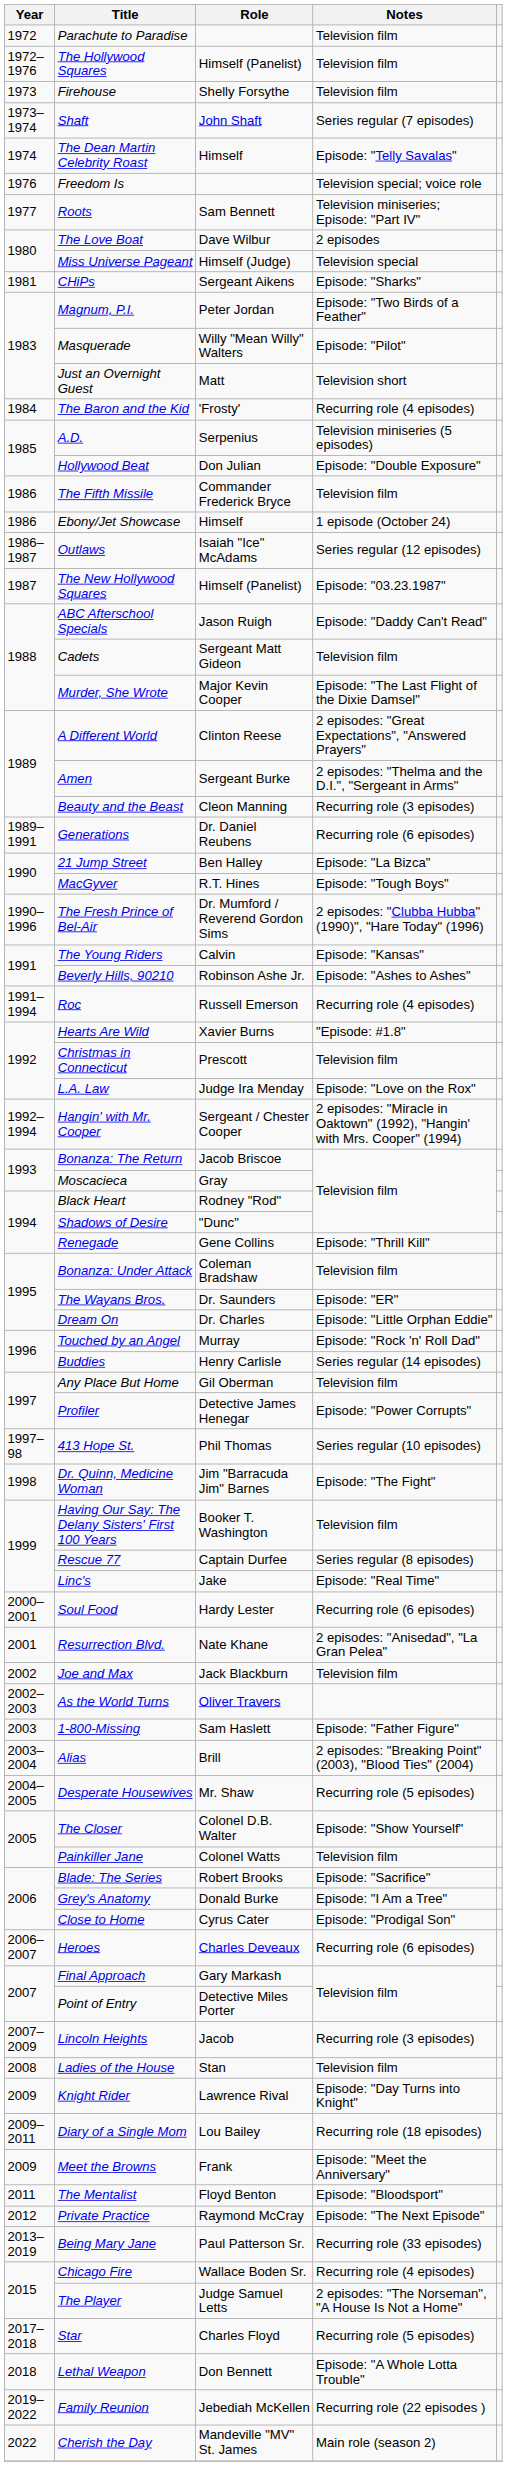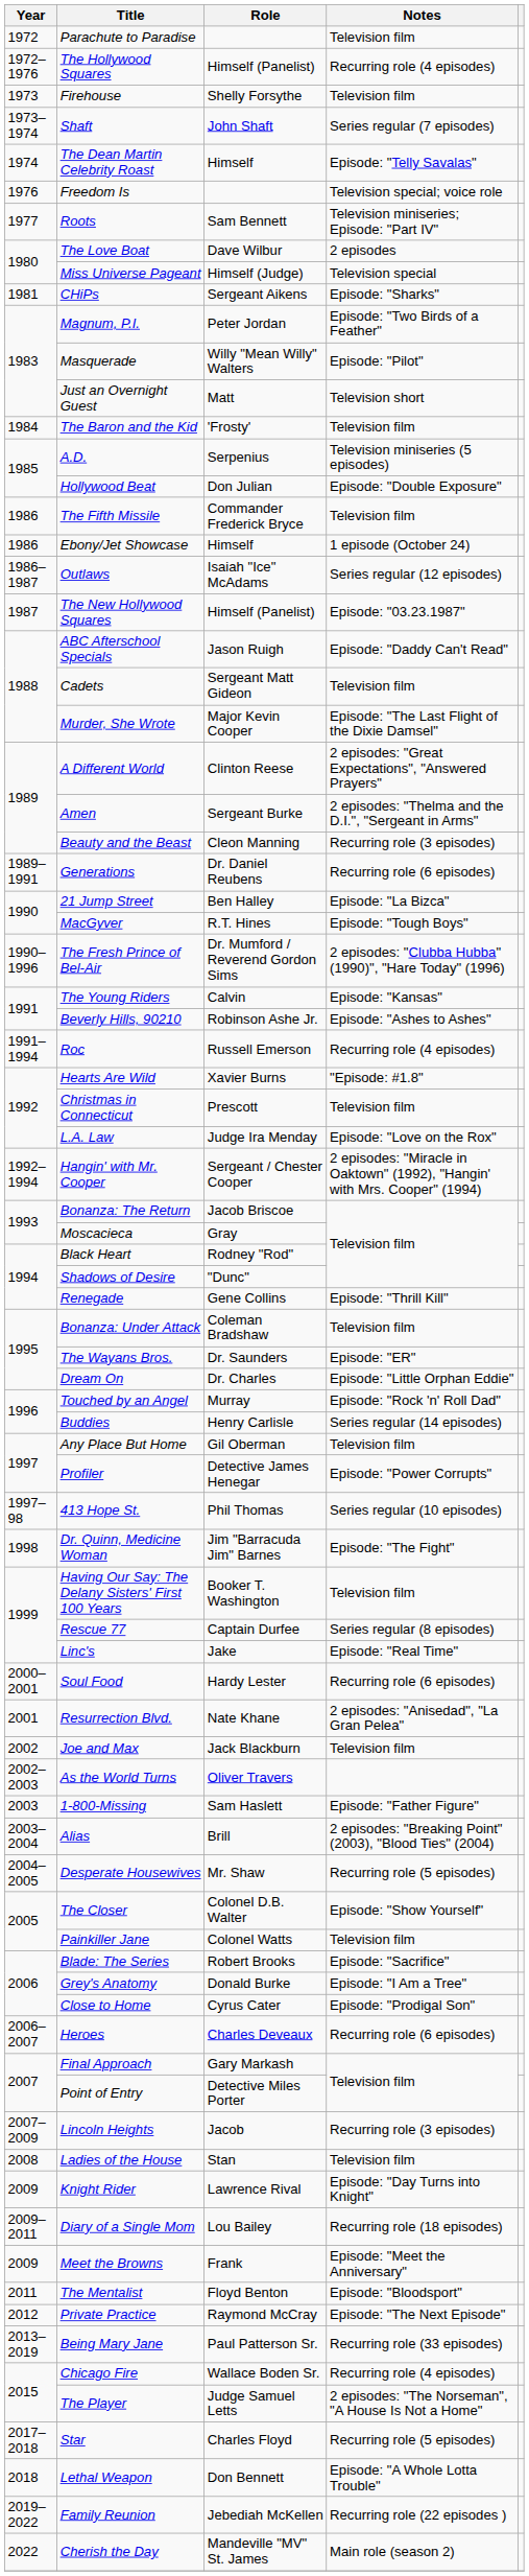 <table class="wikitable sortable">
 <tr>
 <th>Year</th>
 <th>Title</th>
 <th>Role</th>
 <th class=unsortable>Notes</th>
 <th class=unsortable></th>
 </tr>
 <tr>
 <td>1972</td>
 <td><em>Parachute to Paradise</em></td>
 <td></td>
 <td>Television film</td>
 <td></td>
 </tr>
 <tr>
 <td>1972–1976</td>
 <td><em><a href='#'>The Hollywood Squares</a></em></td>
 <td>Himself (Panelist)</td>
-<td>Television film</td>
+<td>Recurring role (4 episodes)</td>
 <td></td>
 </tr>
 <tr>
 <td>1973</td>
 <td><em>Firehouse</em></td>
 <td>Shelly Forsythe</td>
 <td>Television film</td>
 <td></td>
 </tr>
 <tr>
 <td>1973–1974</td>
 <td><em><a href='#'>Shaft</a></em></td>
 <td><a href='#'>John Shaft</a></td>
 <td>Series regular (7 episodes)</td>
 <td></td>
 </tr>
 <tr>
 <td>1974</td>
 <td><em><a href='#'>The Dean Martin Celebrity Roast</a></em></td>
 <td>Himself</td>
 <td>Episode: "<a href='#'>Telly Savalas</a>"</td>
 <td></td>
 </tr>
 <tr>
 <td>1976</td>
 <td><em>Freedom Is</em></td>
 <td></td>
 <td>Television special; voice role</td>
 <td></td>
 </tr>
 <tr>
 <td>1977</td>
 <td><em><a href='#'>Roots</a></em></td>
 <td>Sam Bennett</td>
 <td>Television miniseries; Episode: "Part IV"</td>
 <td></td>
 </tr>
 <tr>
 <td rowspan="2">1980</td>
 <td><em><a href='#'>The Love Boat</a></em></td>
 <td>Dave Wilbur</td>
 <td>2 episodes</td>
 <td></td>
 </tr>
 <tr>
 <td><em><a href='#'>Miss Universe Pageant</a></em></td>
 <td>Himself (Judge)</td>
 <td>Television special</td>
 <td></td>
 </tr>
 <tr>
 <td>1981</td>
 <td><em><a href='#'>CHiPs</a></em></td>
 <td>Sergeant Aikens</td>
 <td>Episode: "Sharks"</td>
 <td></td>
 </tr>
 <tr>
 <td rowspan="3">1983</td>
 <td><em><a href='#'>Magnum, P.I.</a></em></td>
 <td>Peter Jordan</td>
 <td>Episode: "Two Birds of a Feather"</td>
 <td></td>
 </tr>
 <tr>
 <td><em>Masquerade</em></td>
 <td>Willy "Mean Willy" Walters</td>
 <td>Episode: "Pilot"</td>
 <td></td>
 </tr>
 <tr>
 <td><em>Just an Overnight Guest</em></td>
 <td>Matt</td>
 <td>Television short</td>
 <td></td>
 </tr>
 <tr>
 <td>1984</td>
 <td><em><a href='#'>The Baron and the Kid</a></em></td>
 <td>'Frosty'</td>
-<td>Recurring role (4 episodes)</td>
+<td>Television film</td>
 <td></td>
 </tr>
 <tr>
 <td rowspan="2">1985</td>
 <td><em><a href='#'>A.D.</a></em></td>
 <td>Serpenius</td>
 <td>Television miniseries (5 episodes)</td>
 <td></td>
 </tr>
 <tr>
 <td><em><a href='#'>Hollywood Beat</a></em></td>
 <td>Don Julian</td>
 <td>Episode: "Double Exposure"</td>
 <td></td>
 </tr>
 <tr>
 <td>1986</td>
 <td><em><a href='#'>The Fifth Missile</a></em></td>
 <td>Commander Frederick Bryce</td>
 <td>Television film</td>
 <td></td>
 </tr>
 <tr>
 <td>1986</td>
 <td><em>Ebony/Jet Showcase</em></td>
 <td>Himself</td>
 <td>1 episode (October 24)</td>
 <td></td>
 </tr>
 <tr>
 <td>1986–1987</td>
 <td><em><a href='#'>Outlaws</a></em></td>
 <td>Isaiah "Ice" McAdams</td>
 <td>Series regular (12 episodes)</td>
 <td></td>
 </tr>
 <tr>
 <td>1987</td>
 <td><em><a href='#'>The New Hollywood Squares</a></em></td>
 <td>Himself (Panelist)</td>
 <td>Episode: "03.23.1987"</td>
 <td></td>
 </tr>
 <tr>
 <td rowspan="3">1988</td>
 <td><em><a href='#'>ABC Afterschool Specials</a></em></td>
 <td>Jason Ruigh</td>
 <td>Episode: "Daddy Can't Read"</td>
 <td></td>
 </tr>
 <tr>
 <td><em>Cadets</em></td>
 <td>Sergeant Matt Gideon</td>
 <td>Television film</td>
 <td></td>
 </tr>
 <tr>
 <td><em><a href='#'>Murder, She Wrote</a></em></td>
 <td>Major Kevin Cooper</td>
 <td>Episode: "The Last Flight of the Dixie Damsel"</td>
 <td></td>
 </tr>
 <tr>
 <td rowspan="3">1989</td>
 <td><em><a href='#'>A Different World</a></em></td>
 <td>Clinton Reese</td>
 <td>2 episodes: "Great Expectations", "Answered Prayers"</td>
 <td></td>
 </tr>
 <tr>
 <td><em><a href='#'>Amen</a></em></td>
 <td>Sergeant Burke</td>
 <td>2 episodes: "Thelma and the D.I.", "Sergeant in Arms"</td>
 <td></td>
 </tr>
 <tr>
 <td><em><a href='#'>Beauty and the Beast</a></em></td>
 <td>Cleon Manning</td>
 <td>Recurring role (3 episodes)</td>
 <td></td>
 </tr>
 <tr>
 <td>1989–1991</td>
 <td><em><a href='#'>Generations</a></em></td>
 <td>Dr. Daniel Reubens</td>
 <td>Recurring role (6 episodes)</td>
 <td></td>
 </tr>
 <tr>
 <td rowspan="2">1990</td>
 <td><em><a href='#'>21 Jump Street</a></em></td>
 <td>Ben Halley</td>
 <td>Episode: "La Bizca"</td>
 <td></td>
 </tr>
 <tr>
 <td><em><a href='#'>MacGyver</a></em></td>
 <td>R.T. Hines</td>
 <td>Episode: "Tough Boys"</td>
 <td></td>
 </tr>
 <tr>
 <td>1990–1996</td>
 <td><em><a href='#'>The Fresh Prince of Bel-Air</a></em></td>
 <td>Dr. Mumford / Reverend Gordon Sims</td>
 <td>2 episodes: "<a href='#'>Clubba Hubba</a>" (1990)", "Hare Today" (1996)</td>
 <td></td>
 </tr>
 <tr>
 <td rowspan="2">1991</td>
 <td><em><a href='#'>The Young Riders</a></em></td>
 <td>Calvin</td>
 <td>Episode: "Kansas"</td>
 <td></td>
 </tr>
 <tr>
 <td><em><a href='#'>Beverly Hills, 90210</a></em></td>
 <td>Robinson Ashe Jr.</td>
 <td>Episode: "Ashes to Ashes"</td>
 <td></td>
 </tr>
 <tr>
 <td>1991–1994</td>
 <td><em><a href='#'>Roc</a></em></td>
 <td>Russell Emerson</td>
 <td>Recurring role (4 episodes)</td>
 <td></td>
 </tr>
 <tr>
 <td rowspan="3">1992</td>
 <td><em><a href='#'>Hearts Are Wild</a></em></td>
 <td>Xavier Burns</td>
 <td>"Episode: #1.8"</td>
 <td></td>
 </tr>
 <tr>
 <td><em><a href='#'>Christmas in Connecticut</a></em></td>
 <td>Prescott</td>
 <td>Television film</td>
 <td></td>
 </tr>
 <tr>
 <td><em><a href='#'>L.A. Law</a></em></td>
 <td>Judge Ira Menday</td>
 <td>Episode: "Love on the Rox"</td>
 <td></td>
 </tr>
 <tr>
 <td>1992–1994</td>
 <td><em><a href='#'>Hangin' with Mr. Cooper</a></em></td>
 <td>Sergeant / Chester Cooper</td>
 <td>2 episodes: "Miracle in Oaktown" (1992), "Hangin' with Mrs. Cooper" (1994)</td>
 <td></td>
 </tr>
 <tr>
 <td rowspan="2">1993</td>
 <td><em><a href='#'>Bonanza: The Return</a></em></td>
 <td>Jacob Briscoe</td>
 <td rowspan="4">Television film</td>
 <td></td>
 </tr>
 <tr>
 <td><em>Moscacieca</em></td>
 <td>Gray</td>
 <td></td>
 </tr>
 <tr>
 <td rowspan="3">1994</td>
 <td><em>Black Heart</em></td>
 <td>Rodney "Rod"</td>
 <td></td>
 </tr>
 <tr>
 <td><em><a href='#'>Shadows of Desire</a></em></td>
 <td>"Dunc"</td>
 <td></td>
 </tr>
 <tr>
 <td><em><a href='#'>Renegade</a></em></td>
 <td>Gene Collins</td>
 <td>Episode: "Thrill Kill"</td>
 <td></td>
 </tr>
 <tr>
 <td rowspan="3">1995</td>
 <td><em><a href='#'>Bonanza: Under Attack</a></em></td>
 <td>Coleman Bradshaw</td>
 <td>Television film</td>
 <td></td>
 </tr>
 <tr>
 <td><em><a href='#'>The Wayans Bros.</a></em></td>
 <td>Dr. Saunders</td>
 <td>Episode: "ER"</td>
 <td></td>
 </tr>
 <tr>
 <td><em><a href='#'>Dream On</a></em></td>
 <td>Dr. Charles</td>
 <td>Episode: "Little Orphan Eddie"</td>
 <td></td>
 </tr>
 <tr>
 <td rowspan="2">1996</td>
 <td><em><a href='#'>Touched by an Angel</a></em></td>
 <td>Murray</td>
 <td>Episode: "Rock 'n' Roll Dad"</td>
 <td></td>
 </tr>
 <tr>
 <td><em><a href='#'>Buddies</a></em></td>
 <td>Henry Carlisle</td>
 <td>Series regular (14 episodes)</td>
 <td></td>
 </tr>
 <tr>
 <td rowspan="2">1997</td>
 <td><em>Any Place But Home</em></td>
 <td>Gil Oberman</td>
 <td>Television film</td>
 <td></td>
 </tr>
 <tr>
 <td><em><a href='#'>Profiler</a></em></td>
 <td>Detective James Henegar</td>
 <td>Episode: "Power Corrupts"</td>
 <td></td>
 </tr>
 <tr>
 <td>1997–98</td>
 <td><em><a href='#'>413 Hope St.</a></em></td>
 <td>Phil Thomas</td>
 <td>Series regular (10 episodes)</td>
 <td></td>
 </tr>
 <tr>
 <td>1998</td>
 <td><em><a href='#'>Dr. Quinn, Medicine Woman</a></em></td>
 <td>Jim "Barracuda Jim" Barnes</td>
 <td>Episode: "The Fight"</td>
 <td></td>
 </tr>
 <tr>
 <td rowspan="3">1999</td>
 <td><em><a href='#'>Having Our Say: The Delany Sisters' First 100 Years</a></em></td>
 <td>Booker T. Washington</td>
 <td>Television film</td>
 <td></td>
 </tr>
 <tr>
 <td><em><a href='#'>Rescue 77</a></em></td>
 <td>Captain Durfee</td>
 <td>Series regular (8 episodes)</td>
 <td></td>
 </tr>
 <tr>
 <td><em><a href='#'>Linc's</a></em></td>
 <td>Jake</td>
 <td>Episode: "Real Time"</td>
 <td></td>
 </tr>
 <tr>
 <td>2000–2001</td>
 <td><em><a href='#'>Soul Food</a></em></td>
 <td>Hardy Lester</td>
 <td>Recurring role (6 episodes)</td>
 <td></td>
 </tr>
 <tr>
 <td>2001</td>
 <td><em><a href='#'>Resurrection Blvd.</a></em></td>
 <td>Nate Khane</td>
 <td>2 episodes: "Anisedad", "La Gran Pelea"</td>
 <td></td>
 </tr>
 <tr>
 <td>2002</td>
 <td><em><a href='#'>Joe and Max</a></em></td>
 <td>Jack Blackburn</td>
 <td>Television film</td>
 <td></td>
 </tr>
 <tr>
 <td>2002–2003</td>
 <td><em><a href='#'>As the World Turns</a></em></td>
 <td><a href='#'>Oliver Travers</a></td>
 <td></td>
 <td></td>
 </tr>
 <tr>
 <td>2003</td>
 <td><em><a href='#'>1-800-Missing</a></em></td>
 <td>Sam Haslett</td>
 <td>Episode: "Father Figure"</td>
 <td></td>
 </tr>
 <tr>
 <td>2003–2004</td>
 <td><em><a href='#'>Alias</a></em></td>
 <td>Brill</td>
 <td>2 episodes: "Breaking Point" (2003), "Blood Ties" (2004)</td>
 <td></td>
 </tr>
 <tr>
 <td>2004–2005</td>
 <td><em><a href='#'>Desperate Housewives</a></em></td>
 <td>Mr. Shaw</td>
 <td>Recurring role (5 episodes)</td>
 <td></td>
 </tr>
 <tr>
 <td rowspan="2">2005</td>
 <td><em><a href='#'>The Closer</a></em></td>
 <td>Colonel D.B. Walter</td>
 <td>Episode: "Show Yourself"</td>
 <td></td>
 </tr>
 <tr>
 <td><em><a href='#'>Painkiller Jane</a></em></td>
 <td>Colonel Watts</td>
 <td>Television film</td>
 <td></td>
 </tr>
 <tr>
 <td rowspan="3">2006</td>
 <td><em><a href='#'>Blade: The Series</a></em></td>
 <td>Robert Brooks</td>
 <td>Episode: "Sacrifice"</td>
 <td></td>
 </tr>
 <tr>
 <td><em><a href='#'>Grey's Anatomy</a></em></td>
 <td>Donald Burke</td>
 <td>Episode: "I Am a Tree"</td>
 <td></td>
 </tr>
 <tr>
 <td><em><a href='#'>Close to Home</a></em></td>
 <td>Cyrus Cater</td>
 <td>Episode: "Prodigal Son"</td>
 <td></td>
 </tr>
 <tr>
 <td>2006–2007</td>
 <td><em><a href='#'>Heroes</a></em></td>
 <td><a href='#'>Charles Deveaux</a></td>
 <td>Recurring role (6 episodes)</td>
 <td></td>
 </tr>
 <tr>
 <td rowspan="2">2007</td>
 <td><em><a href='#'>Final Approach</a></em></td>
 <td>Gary Markash</td>
 <td rowspan="2">Television film</td>
 <td></td>
 </tr>
 <tr>
 <td><em>Point of Entry</em></td>
 <td>Detective Miles Porter</td>
 <td></td>
 </tr>
 <tr>
 <td>2007–2009</td>
 <td><em><a href='#'>Lincoln Heights</a></em></td>
 <td>Jacob</td>
 <td>Recurring role (3 episodes)</td>
 <td></td>
 </tr>
 <tr>
 <td>2008</td>
 <td><em><a href='#'>Ladies of the House</a></em></td>
 <td>Stan</td>
 <td>Television film</td>
 <td></td>
 </tr>
 <tr>
 <td>2009</td>
 <td><em><a href='#'>Knight Rider</a></em></td>
 <td>Lawrence Rival</td>
 <td>Episode: "Day Turns into Knight"</td>
 <td></td>
 </tr>
 <tr>
 <td>2009–2011</td>
 <td><em><a href='#'>Diary of a Single Mom</a></em></td>
 <td>Lou Bailey</td>
 <td>Recurring role (18 episodes)</td>
 <td></td>
 </tr>
 <tr>
 <td>2009</td>
 <td><em><a href='#'>Meet the Browns</a></em></td>
 <td>Frank</td>
 <td>Episode: "Meet the Anniversary"</td>
 <td></td>
 </tr>
 <tr>
 <td>2011</td>
 <td><em><a href='#'>The Mentalist</a></em></td>
 <td>Floyd Benton</td>
 <td>Episode: "Bloodsport"</td>
 <td></td>
 </tr>
 <tr>
 <td>2012</td>
 <td><em><a href='#'>Private Practice</a></em></td>
 <td>Raymond McCray</td>
 <td>Episode: "The Next Episode"</td>
 <td></td>
 </tr>
 <tr>
 <td>2013–2019</td>
 <td><em><a href='#'>Being Mary Jane</a></em></td>
 <td>Paul Patterson Sr.</td>
 <td>Recurring role (33 episodes)</td>
 <td></td>
 </tr>
 <tr>
 <td rowspan="2">2015</td>
 <td><em><a href='#'>Chicago Fire</a></em></td>
 <td>Wallace Boden Sr.</td>
 <td>Recurring role (4 episodes)</td>
 <td></td>
 </tr>
 <tr>
 <td><em><a href='#'>The Player</a></em></td>
 <td>Judge Samuel Letts</td>
 <td>2 episodes: "The Norseman", "A House Is Not a Home"</td>
 <td></td>
 </tr>
 <tr>
 <td>2017–2018</td>
 <td><em><a href='#'>Star</a></em></td>
 <td>Charles Floyd</td>
 <td>Recurring role (5 episodes)</td>
 <td></td>
 </tr>
 <tr>
 <td>2018</td>
 <td><em><a href='#'>Lethal Weapon</a></em></td>
 <td>Don Bennett</td>
 <td>Episode: "A Whole Lotta Trouble"</td>
 <td></td>
 </tr>
 <tr>
 <td>2019–2022</td>
 <td><em><a href='#'>Family Reunion</a></em></td>
 <td>Jebediah McKellen</td>
 <td>Recurring role (22 episodes )</td>
 <td></td>
 </tr>
 <tr>
 <td>2022</td>
 <td><em><a href='#'>Cherish the Day</a></em></td>
 <td>Mandeville "MV" St. James</td>
 <td>Main role (season 2)</td>
 <td></td>
 </tr>
 <tr>
 </tr>
 </table>
